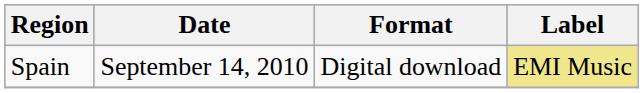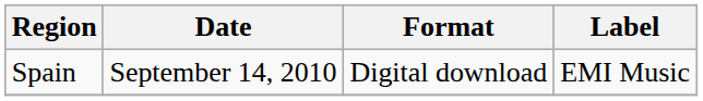 <table class=wikitable>
 <tr>
 <th>Region</th>
 <th>Date</th>
 <th>Format</th>
 <th>Label</th>
 </tr>
 <tr>
 <td>Spain</td>
 <td>September 14, 2010</td>
 <td>Digital download</td>
-<td style="background: khaki;">EMI Music</td>
+<td>EMI Music</td>
 </tr>
 <tr>
 </tr>
 </table>
